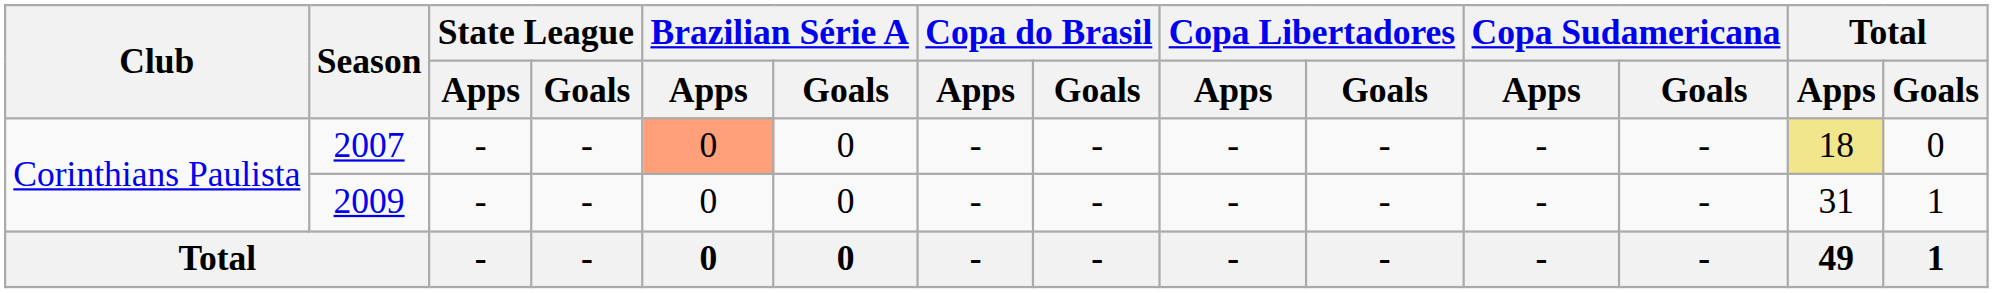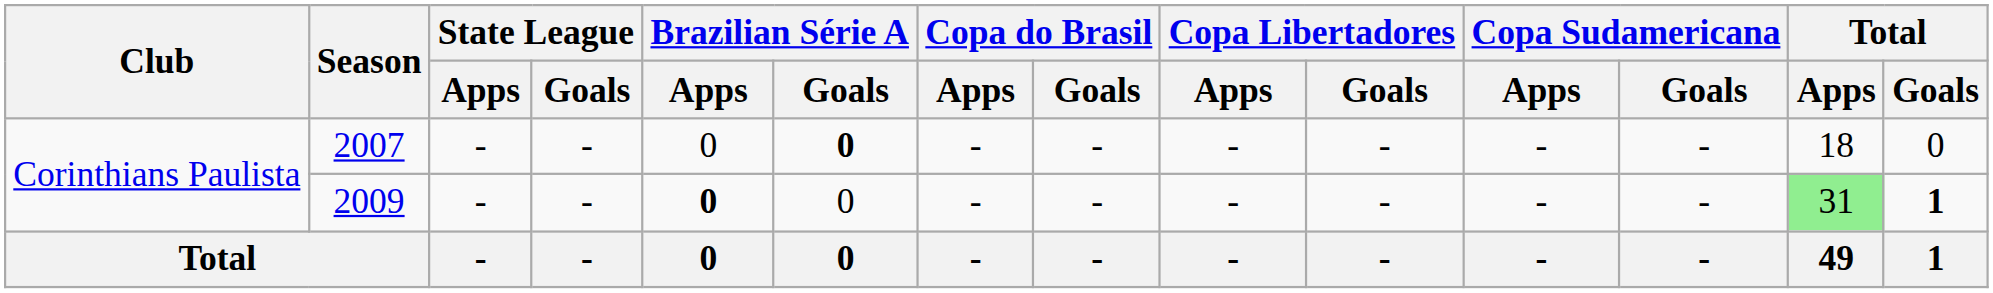 <table class="wikitable" style="text-align: center;">
 <tr>
 <th rowspan="2">Club</th>
 <th rowspan="2">Season</th>
 <th colspan="2">State League</th>
 <th colspan="2"><a href='#'>Brazilian Série A</a></th>
 <th colspan="2"><a href='#'>Copa do Brasil</a></th>
 <th colspan="2"><a href='#'>Copa Libertadores</a></th>
 <th colspan="2"><a href='#'>Copa Sudamericana</a></th>
 <th colspan="2">Total</th>
 </tr>
 <tr>
 <th>Apps</th>
 <th>Goals</th>
 <th>Apps</th>
 <th>Goals</th>
 <th>Apps</th>
 <th>Goals</th>
 <th>Apps</th>
 <th>Goals</th>
 <th>Apps</th>
 <th>Goals</th>
 <th>Apps</th>
 <th>Goals</th>
 </tr>
 <tr>
 <td rowspan="2" valign="center"><a href='#'>Corinthians Paulista</a></td>
 <td><a href='#'>2007</a></td>
 <td>-</td>
 <td>-</td>
-<td style="background: lightsalmon;">0</td>
+<td>0</td>
+<td><strong>0</strong></td>
+<td>-</td>
+<td>-</td>
+<td>-</td>
+<td>-</td>
+<td>-</td>
+<td>-</td>
+<td>18</td>
+<td>0</td>
+</tr>
+<tr>
+<td><a href='#'>2009</a></td>
+<td>-</td>
+<td>-</td>
+<td><strong>0</strong></td>
 <td>0</td>
 <td>-</td>
 <td>-</td>
 <td>-</td>
 <td>-</td>
 <td>-</td>
 <td>-</td>
-<td style="background: khaki;">18</td>
-<td>0</td>
-</tr>
-<tr>
-<td><a href='#'>2009</a></td>
-<td>-</td>
-<td>-</td>
-<td>0</td>
-<td>0</td>
-<td>-</td>
-<td>-</td>
-<td>-</td>
-<td>-</td>
-<td>-</td>
-<td>-</td>
-<td>31</td>
-<td>1</td>
+<td style="background: lightgreen;">31</td>
+<td><strong>1</strong></td>
 </tr>
 <tr>
 <th colspan="2"><strong>Total</strong></th>
 <th>-</th>
 <th>-</th>
 <th>0</th>
 <th>0</th>
 <th>-</th>
 <th>-</th>
 <th>-</th>
 <th>-</th>
 <th>-</th>
 <th>-</th>
 <th>49</th>
 <th>1</th>
 </tr>
 </table>
